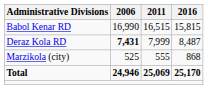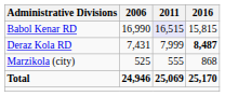 <table class="wikitable">
 <tr>
 <th>Administrative Divisions</th>
 <th>2006</th>
 <th>2011</th>
 <th>2016</th>
 </tr>
 <tr>
 <td><a href='#'>Babol Kenar RD</a></td>
 <td style="text-align: right;">16,990</td>
-<td style="text-align: right;">16,515</td>
+<td style="background: lavender; text-align: right;">16,515</td>
 <td style="text-align: right;">15,815</td>
 </tr>
 <tr>
 <td><a href='#'>Deraz Kola RD</a></td>
-<td style="text-align: right;"><strong>7,431</strong></td>
+<td style="text-align: right;">7,431</td>
 <td style="text-align: right;">7,999</td>
-<td style="text-align: right;">8,487</td>
+<td style="text-align: right;"><strong>8,487</strong></td>
 </tr>
 <tr>
 <td><a href='#'>Marzikola</a> (city)</td>
 <td style="text-align: right;">525</td>
 <td style="text-align: right;">555</td>
 <td style="text-align: right;">868</td>
 </tr>
 <tr>
 <td><strong>Total</strong></td>
 <td style="text-align: right;"><strong>24,946</strong></td>
 <td style="text-align: right;"><strong>25,069</strong></td>
 <td style="text-align: right;"><strong>25,170</strong></td>
 </tr>
 <tr>
 <td colspan=4></td>
 </tr>
 </table>
